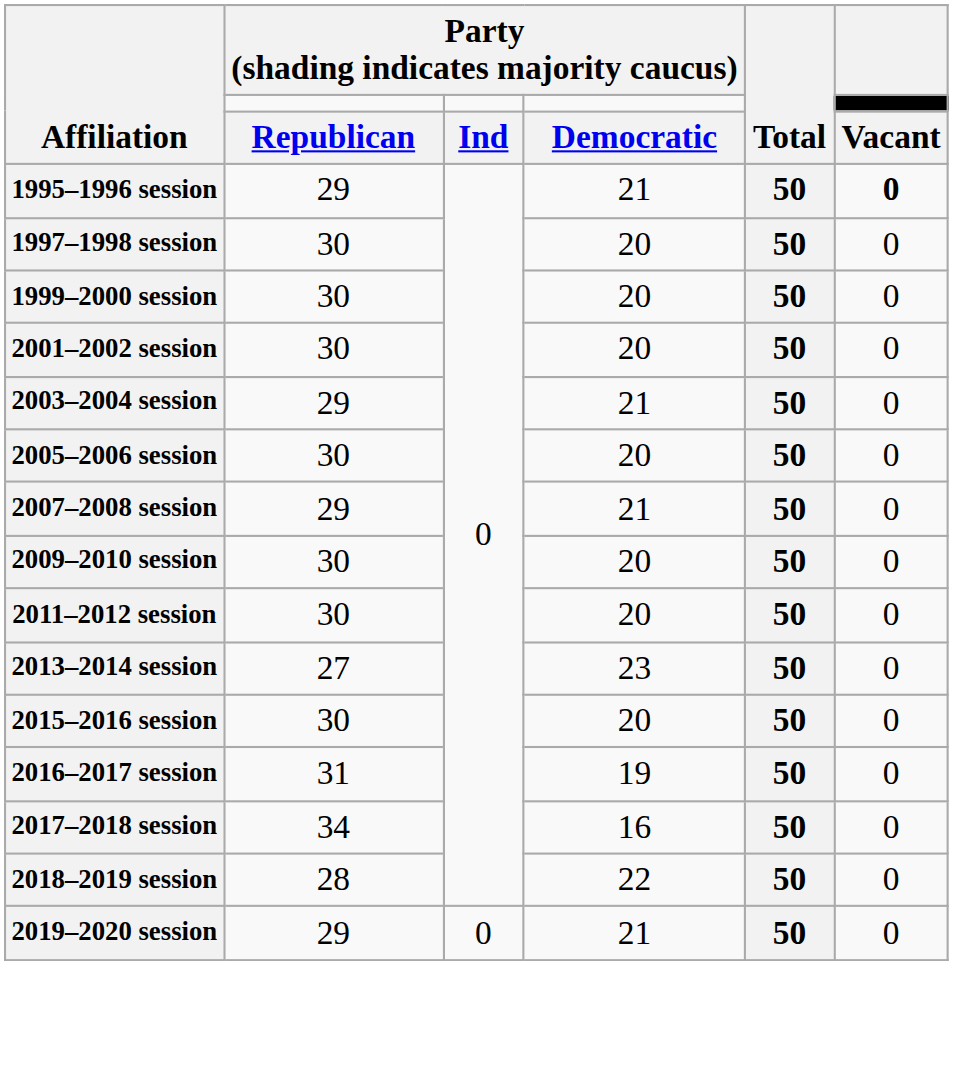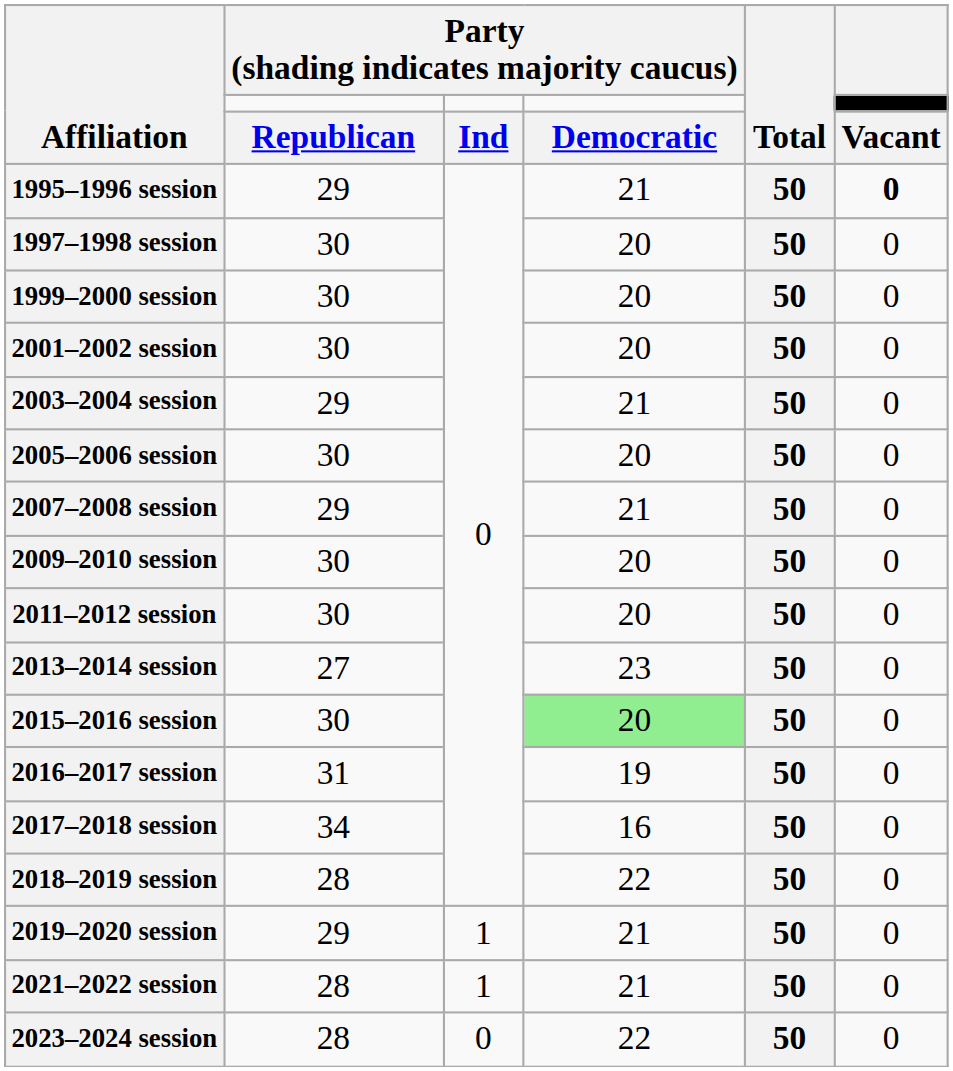 <table class="wikitable mw-collapsible mw-collapsed" style="text-align:center">
 <tr style="vertical-align:bottom;">
 <th rowspan=3>Affiliation</th>
 <th colspan="3">Party <div>(shading indicates majority caucus)</div></th>
 <th rowspan=3>Total</th>
 <th></th>
 </tr>
 <tr style="height:5px">
 <td style="background-color:"></td>
 <td style="background-color:"></td>
 <td style="background-color:"></td>
 <td style="background: black"></td>
 </tr>
 <tr>
 <th><a href='#'>Republican</a></th>
 <th><a href='#'>Ind</a></th>
 <th><a href='#'>Democratic</a></th>
 <th>Vacant</th>
 </tr>
 <tr>
 <th nowrap style="font-size:80%">1995–1996 session</th>
 <td>29</td>
 <td rowspan="14">0</td>
 <td>21</td>
 <th>50</th>
 <td><strong>0</strong></td>
 </tr>
 <tr>
 <th nowrap style="font-size:80%">1997–1998 session</th>
 <td>30</td>
 <td>20</td>
 <th>50</th>
 <td>0</td>
 </tr>
 <tr>
 <th nowrap style="font-size:80%">1999–2000 session</th>
 <td>30</td>
 <td>20</td>
 <th>50</th>
 <td>0</td>
 </tr>
 <tr>
 <th nowrap style="font-size:80%">2001–2002 session</th>
 <td>30</td>
 <td>20</td>
 <th>50</th>
 <td>0</td>
 </tr>
 <tr>
 <th nowrap style="font-size:80%">2003–2004 session</th>
 <td>29</td>
 <td>21</td>
 <th>50</th>
 <td>0</td>
 </tr>
 <tr>
 <th nowrap style="font-size:80%">2005–2006 session</th>
 <td>30</td>
 <td>20</td>
 <th>50</th>
 <td>0</td>
 </tr>
 <tr>
 <th nowrap style="font-size:80%">2007–2008 session</th>
 <td>29</td>
 <td>21</td>
 <th>50</th>
 <td>0</td>
 </tr>
 <tr>
 <th nowrap style="font-size:80%">2009–2010 session</th>
 <td>30</td>
 <td>20</td>
 <th>50</th>
 <td>0</td>
 </tr>
 <tr>
 <th nowrap style="font-size:80%">2011–2012 session</th>
 <td>30</td>
 <td>20</td>
 <th>50</th>
 <td>0</td>
 </tr>
 <tr>
 <th nowrap style="font-size:80%">2013–2014 session</th>
 <td>27</td>
 <td>23</td>
 <th>50</th>
 <td>0</td>
 </tr>
 <tr>
 <th nowrap style="font-size:80%">2015–2016 session</th>
 <td>30</td>
-<td>20</td>
+<td style="background: lightgreen;">20</td>
 <th>50</th>
 <td>0</td>
 </tr>
 <tr>
 <th nowrap style="font-size:80%">2016–2017 session</th>
 <td>31</td>
 <td>19</td>
 <th>50</th>
 <td>0</td>
 </tr>
 <tr>
 <th nowrap="" style="font-size:80%">2017–2018 session</th>
 <td>34</td>
 <td>16</td>
 <th>50</th>
 <td>0</td>
 </tr>
 <tr>
 <th nowrap style="font-size:80%">2018–2019 session</th>
 <td>28</td>
 <td>22</td>
 <th>50</th>
 <td>0</td>
 </tr>
 <tr>
 <th nowrap style="font-size:80%">2019–2020 session</th>
 <td>29</td>
-<td>0</td>
+<td>1</td>
 <td>21</td>
 <th>50</th>
 <td>0</td>
 </tr>
+<tr>
+<th nowrap style="font-size:80%">2021–2022 session</th>
+<td>28</td>
+<td>1</td>
+<td>21</td>
+<th>50</th>
+<td>0</td>
+</tr>
+<tr>
+<th nowrap style="font-size:80%">2023–2024 session</th>
+<td>28</td>
+<td>0</td>
+<td>22</td>
+<th>50</th>
+<td>0</td>
+</tr>
 </table>
